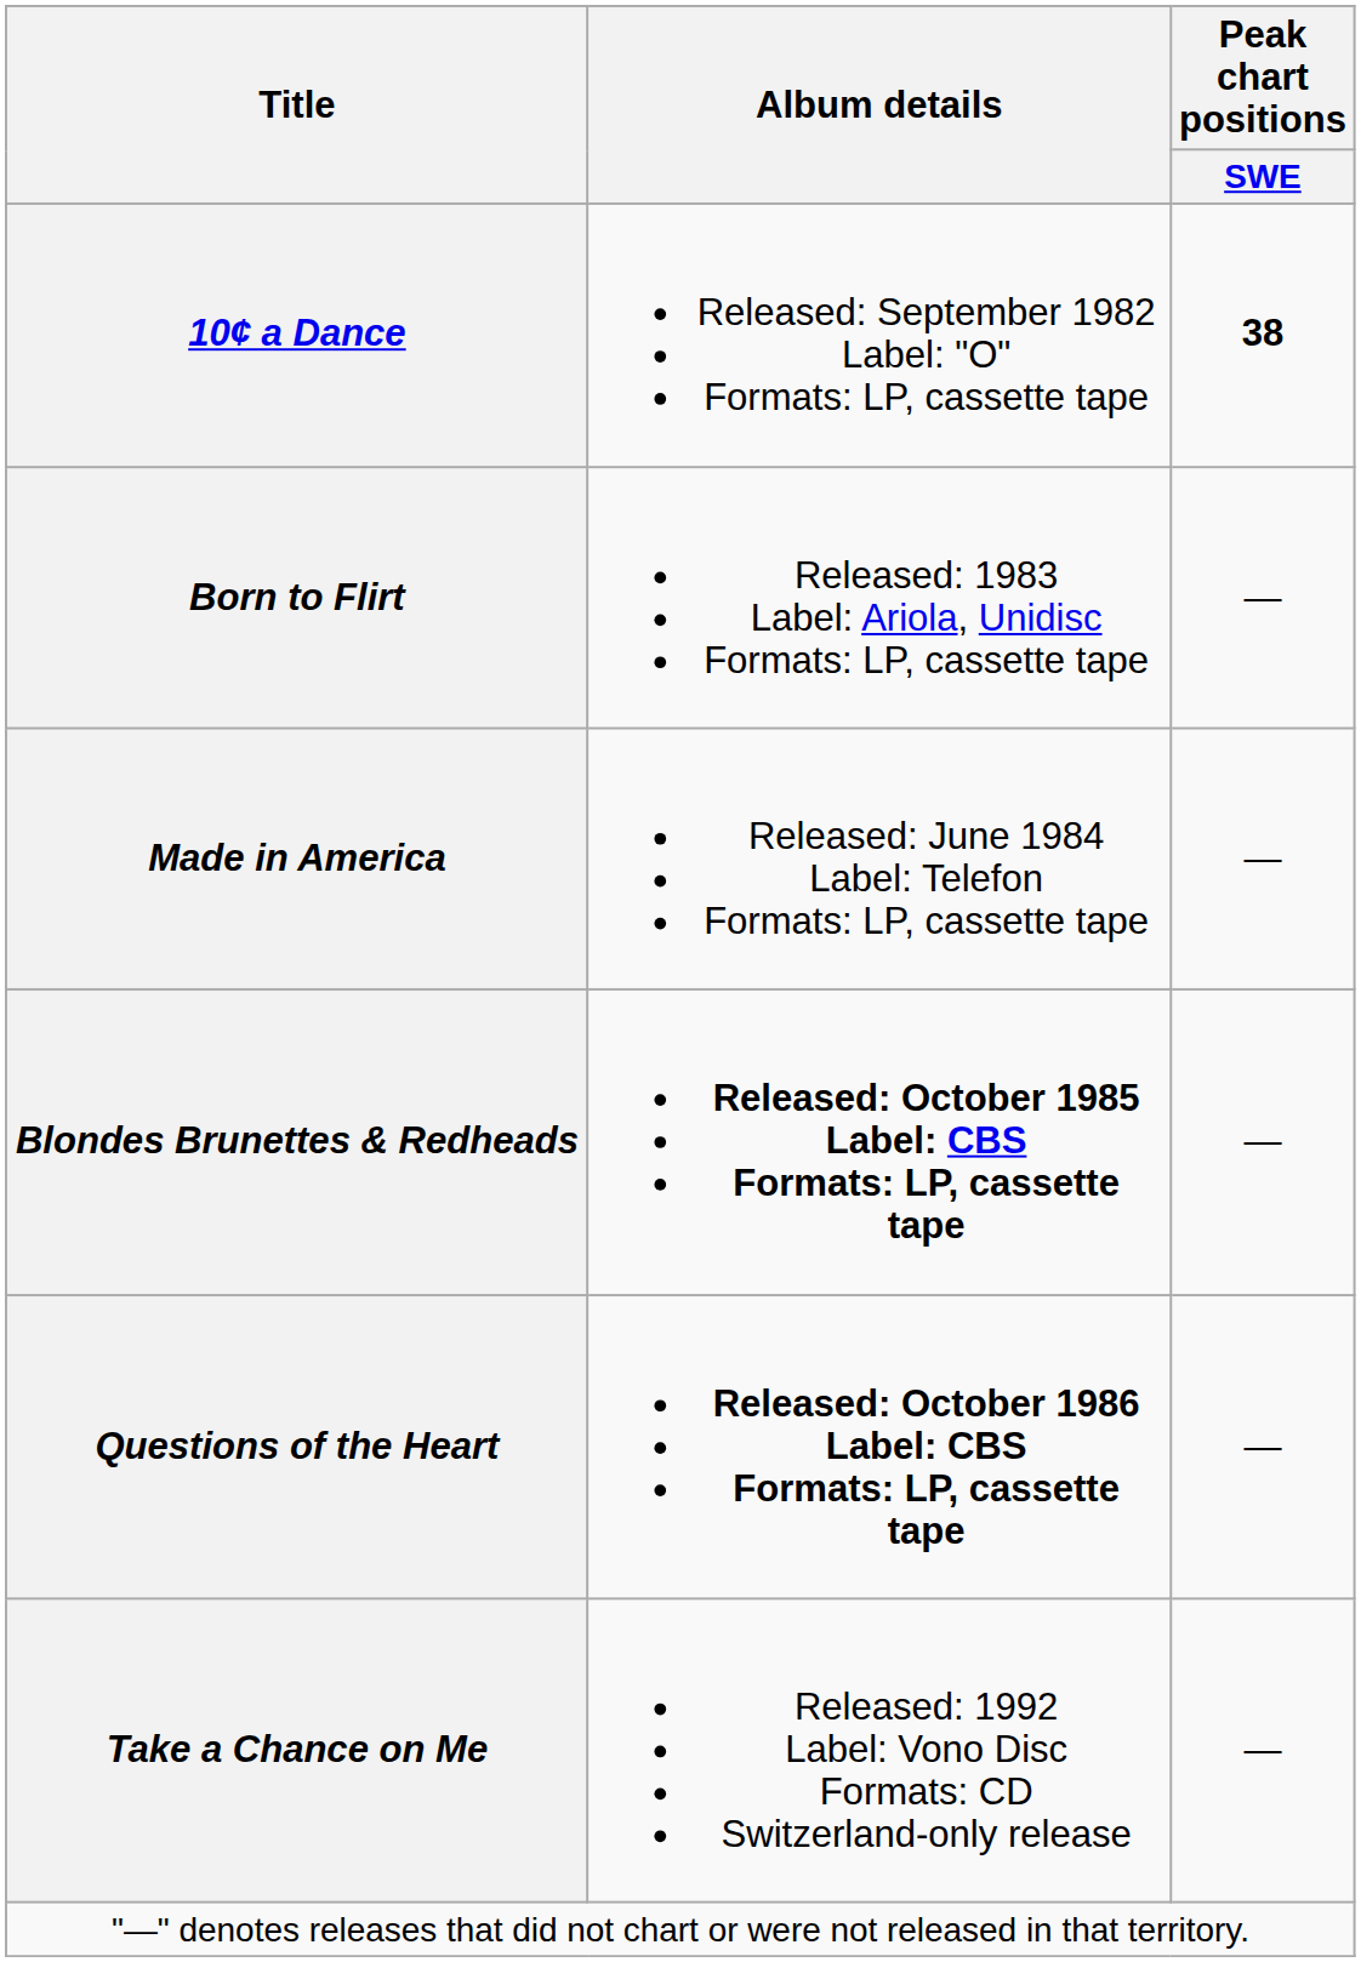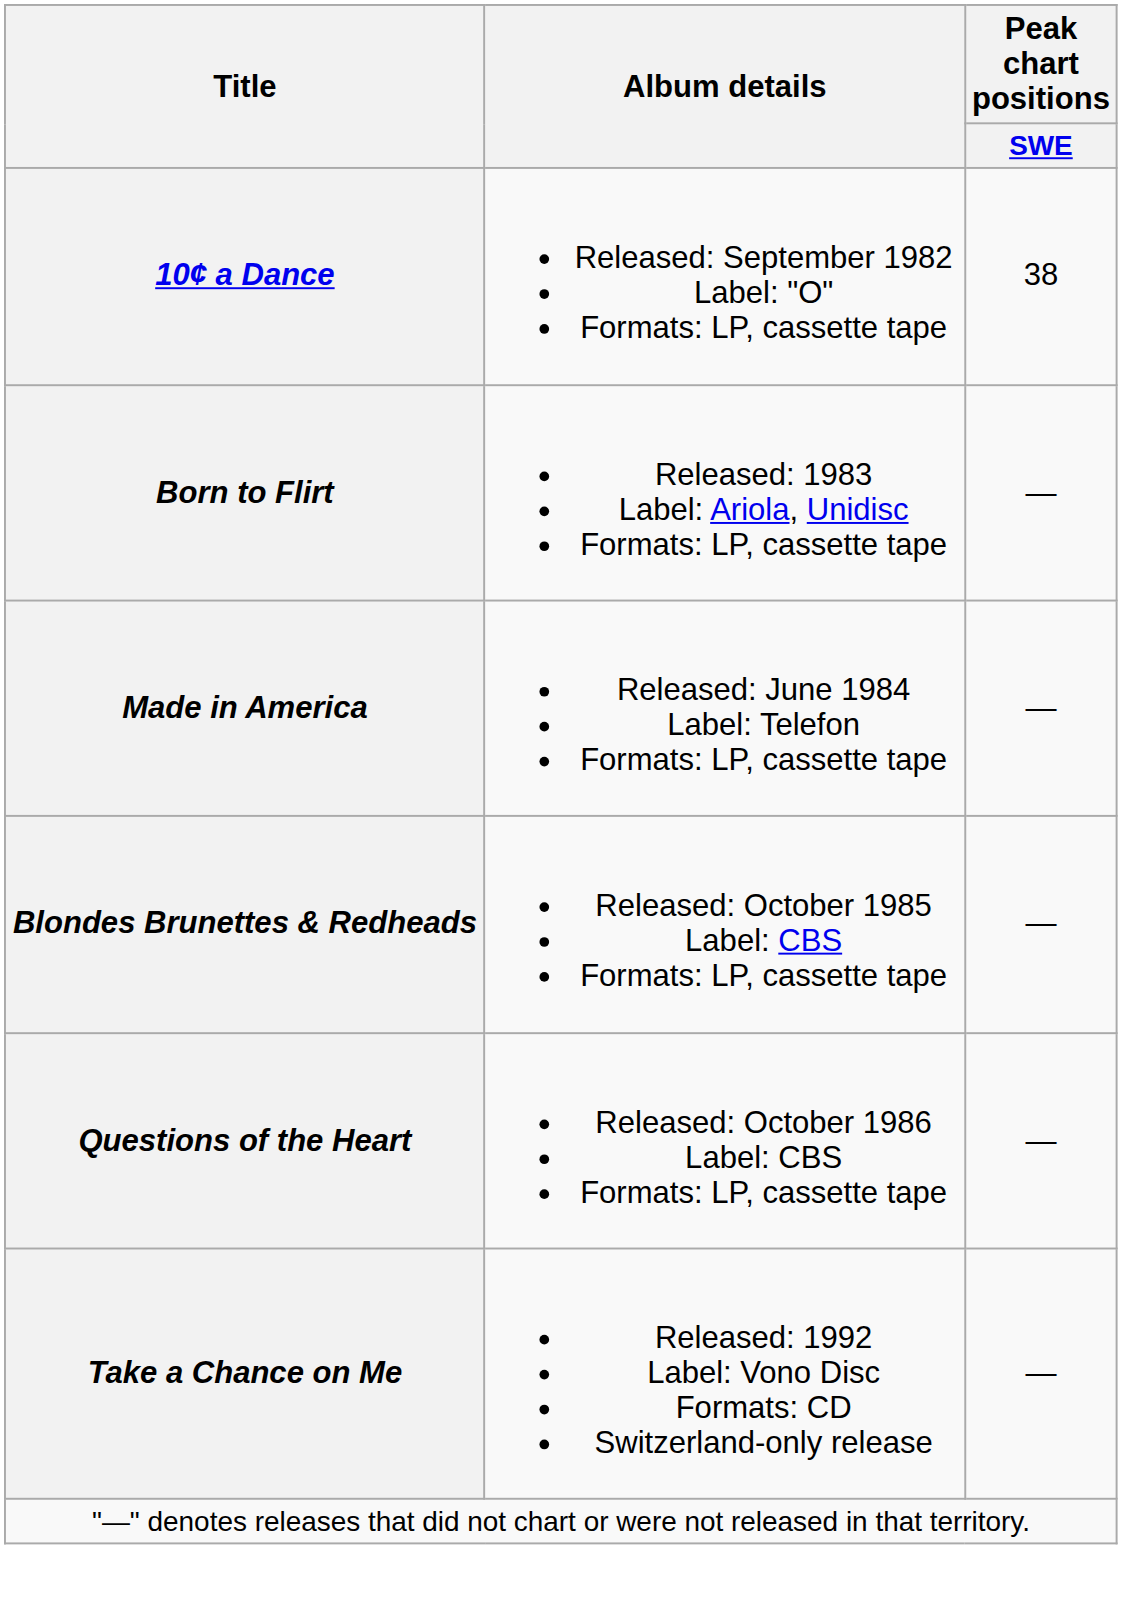 <table class="wikitable plainrowheaders" style="text-align:center;">
 <tr>
 <th rowspan="2" scope="col" style="width:15em;">Title</th>
 <th rowspan="2" scope="col" style="width:15em;">Album details</th>
 <th>Peak chart positions</th>
 </tr>
 <tr>
 <th scope="col" style="width:2em;font-size:90%;"><a href='#'>SWE</a><br></th>
 </tr>
 <tr>
 <th scope="row"><em><a href='#'>10¢ a Dance</a></em></th>
 <td><br><ul><li>Released: September 1982</li><li>Label: "O"</li><li>Formats: LP, cassette tape</li></ul></td>
-<td><strong>38</strong></td>
+<td>38</td>
 </tr>
 <tr>
 <th scope="row"><em>Born to Flirt</em></th>
 <td><br><ul><li>Released: 1983</li><li>Label: <a href='#'>Ariola</a>, <a href='#'>Unidisc</a></li><li>Formats: LP, cassette tape</li></ul></td>
 <td>—</td>
 </tr>
 <tr>
 <th scope="row"><em>Made in America</em></th>
 <td><br><ul><li>Released: June 1984</li><li>Label: Telefon</li><li>Formats: LP, cassette tape</li></ul></td>
 <td>—</td>
 </tr>
 <tr>
 <th scope="row"><em>Blondes Brunettes & Redheads</em></th>
-<td><strong><br><ul><li>Released: October 1985</li><li>Label: <a href='#'>CBS</a></li><li>Formats: LP, cassette tape</li></ul></strong></td>
+<td><br><ul><li>Released: October 1985</li><li>Label: <a href='#'>CBS</a></li><li>Formats: LP, cassette tape</li></ul></td>
 <td>—</td>
 </tr>
 <tr>
 <th scope="row"><em>Questions of the Heart</em></th>
-<td><strong><br><ul><li>Released: October 1986</li><li>Label: CBS</li><li>Formats: LP, cassette tape</li></ul></strong></td>
+<td><br><ul><li>Released: October 1986</li><li>Label: CBS</li><li>Formats: LP, cassette tape</li></ul></td>
 <td>—</td>
 </tr>
 <tr>
 <th scope="row"><em>Take a Chance on Me</em></th>
 <td><br><ul><li>Released: 1992</li><li>Label: Vono Disc</li><li>Formats: CD</li><li>Switzerland-only release</li></ul></td>
 <td>—</td>
 </tr>
 <tr>
 <td colspan="3" style="font-size:90%">"—" denotes releases that did not chart or were not released in that territory.</td>
 </tr>
 </table>
